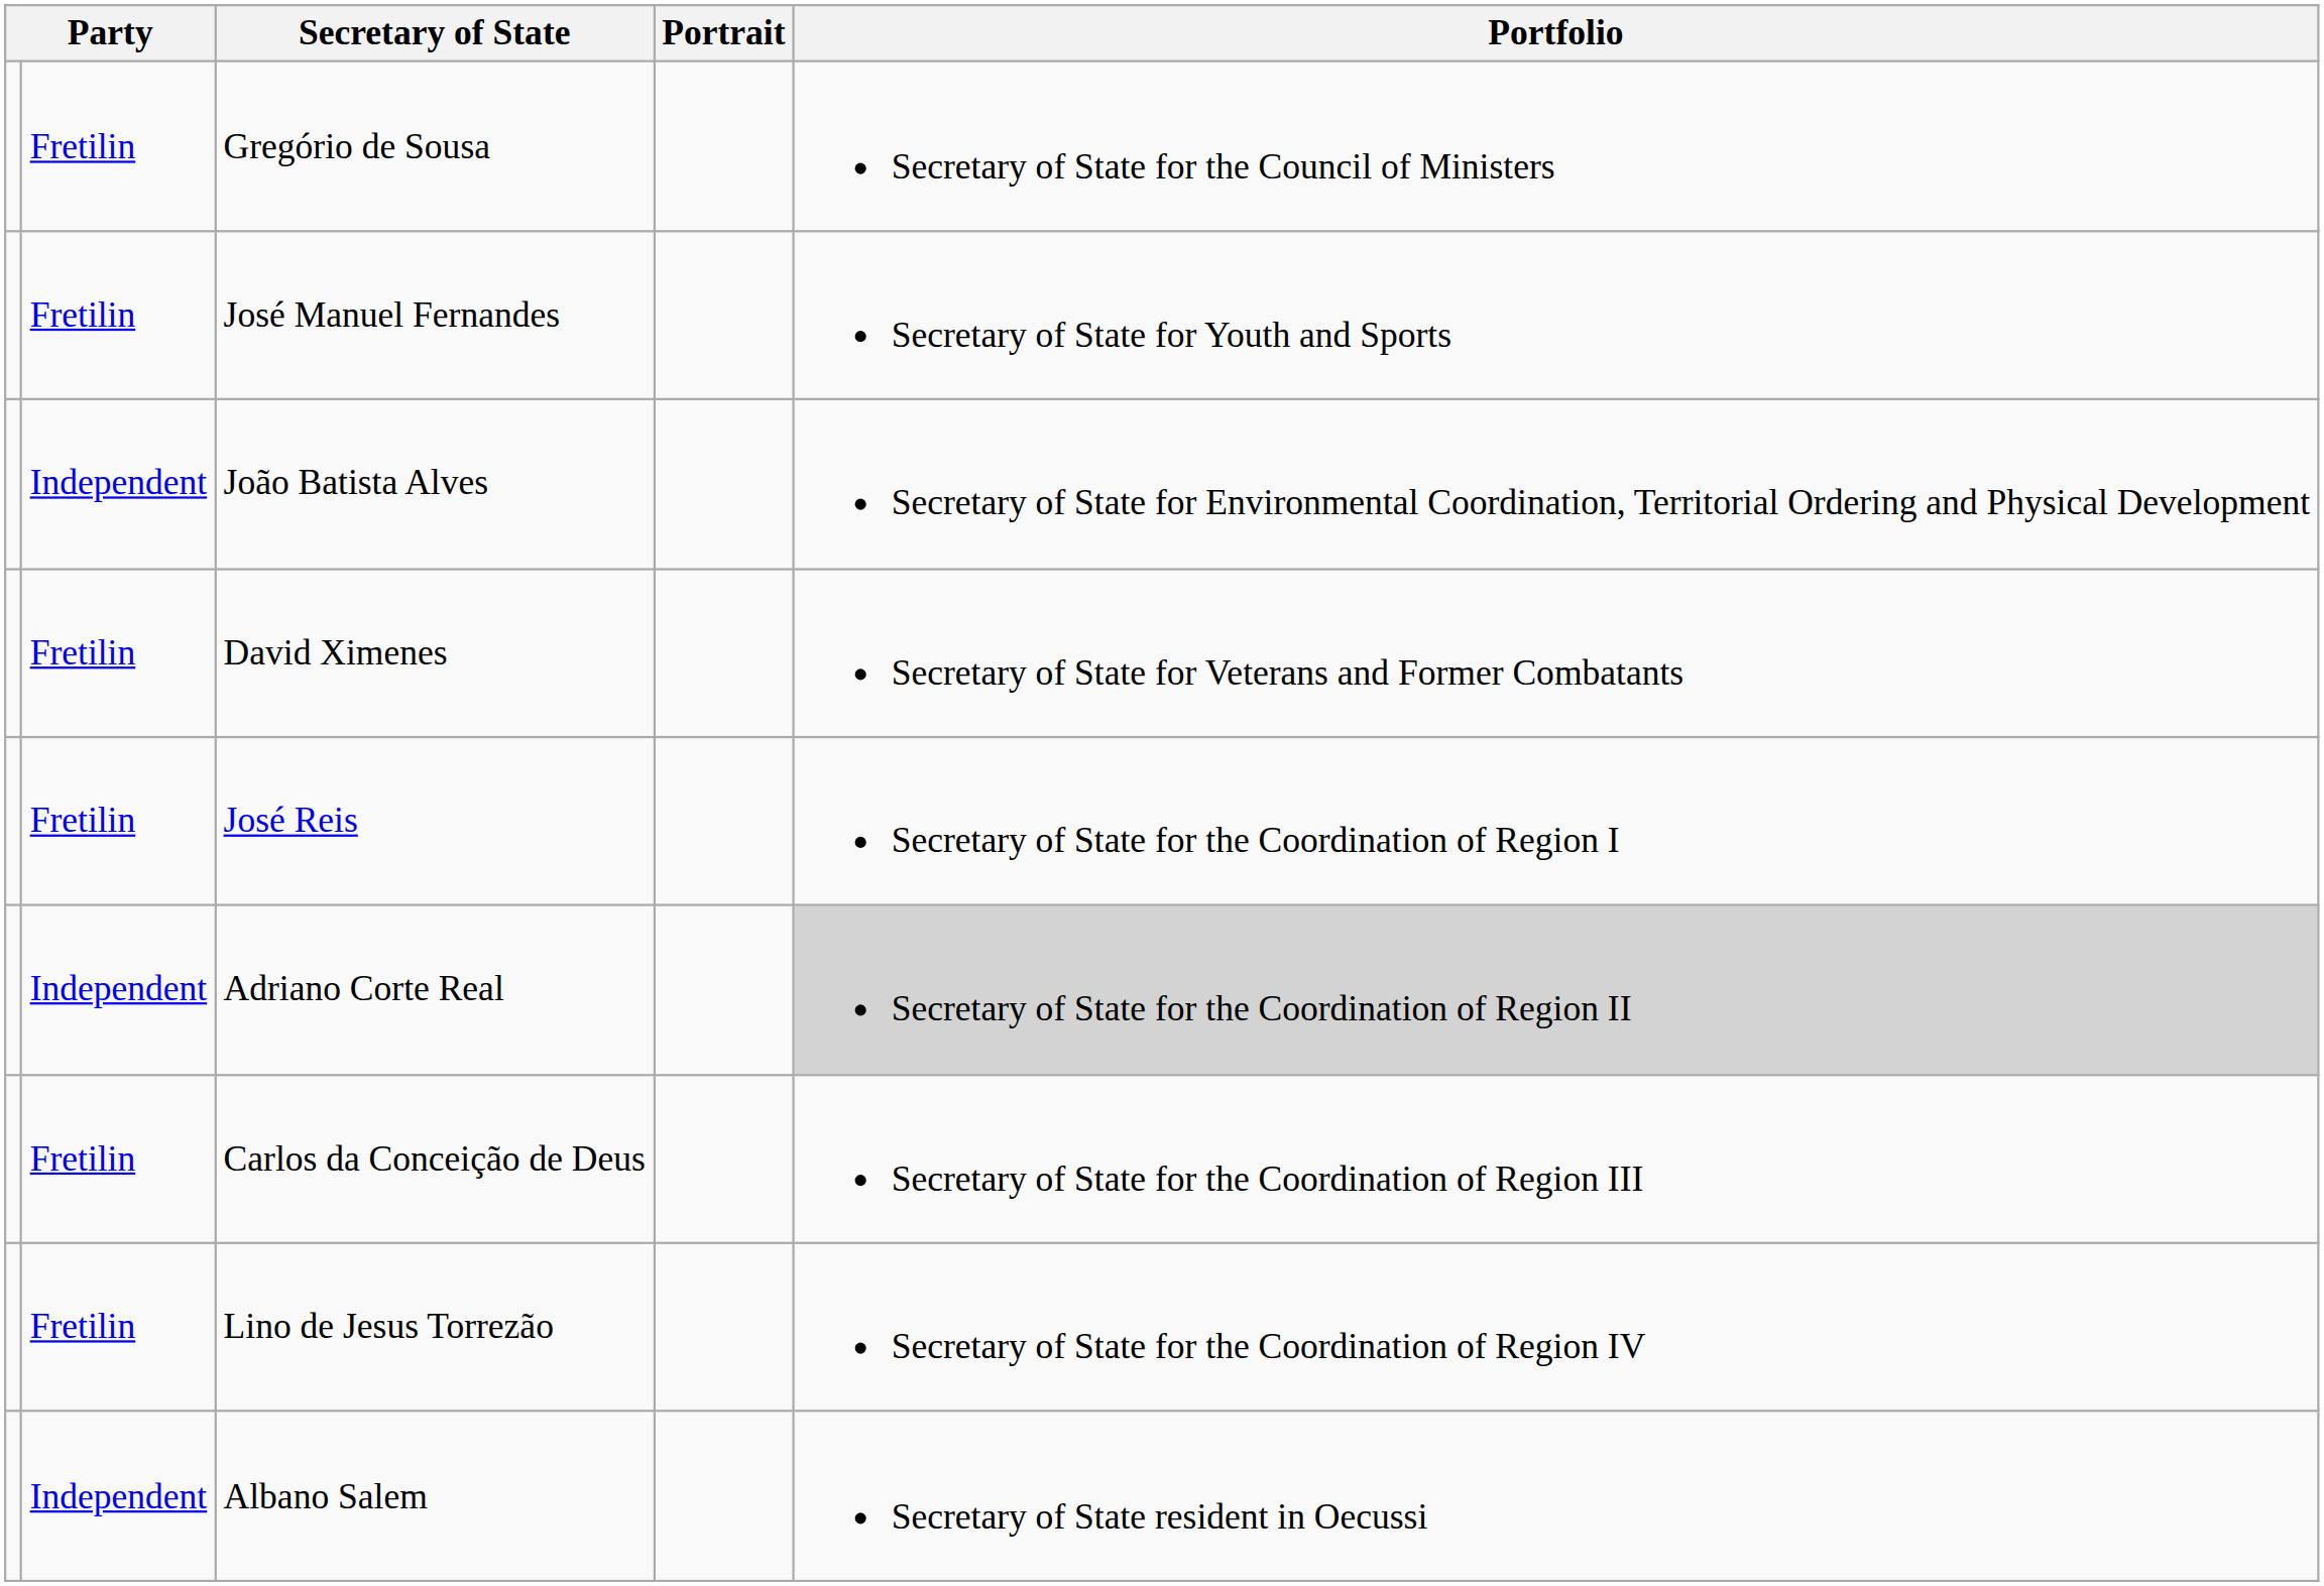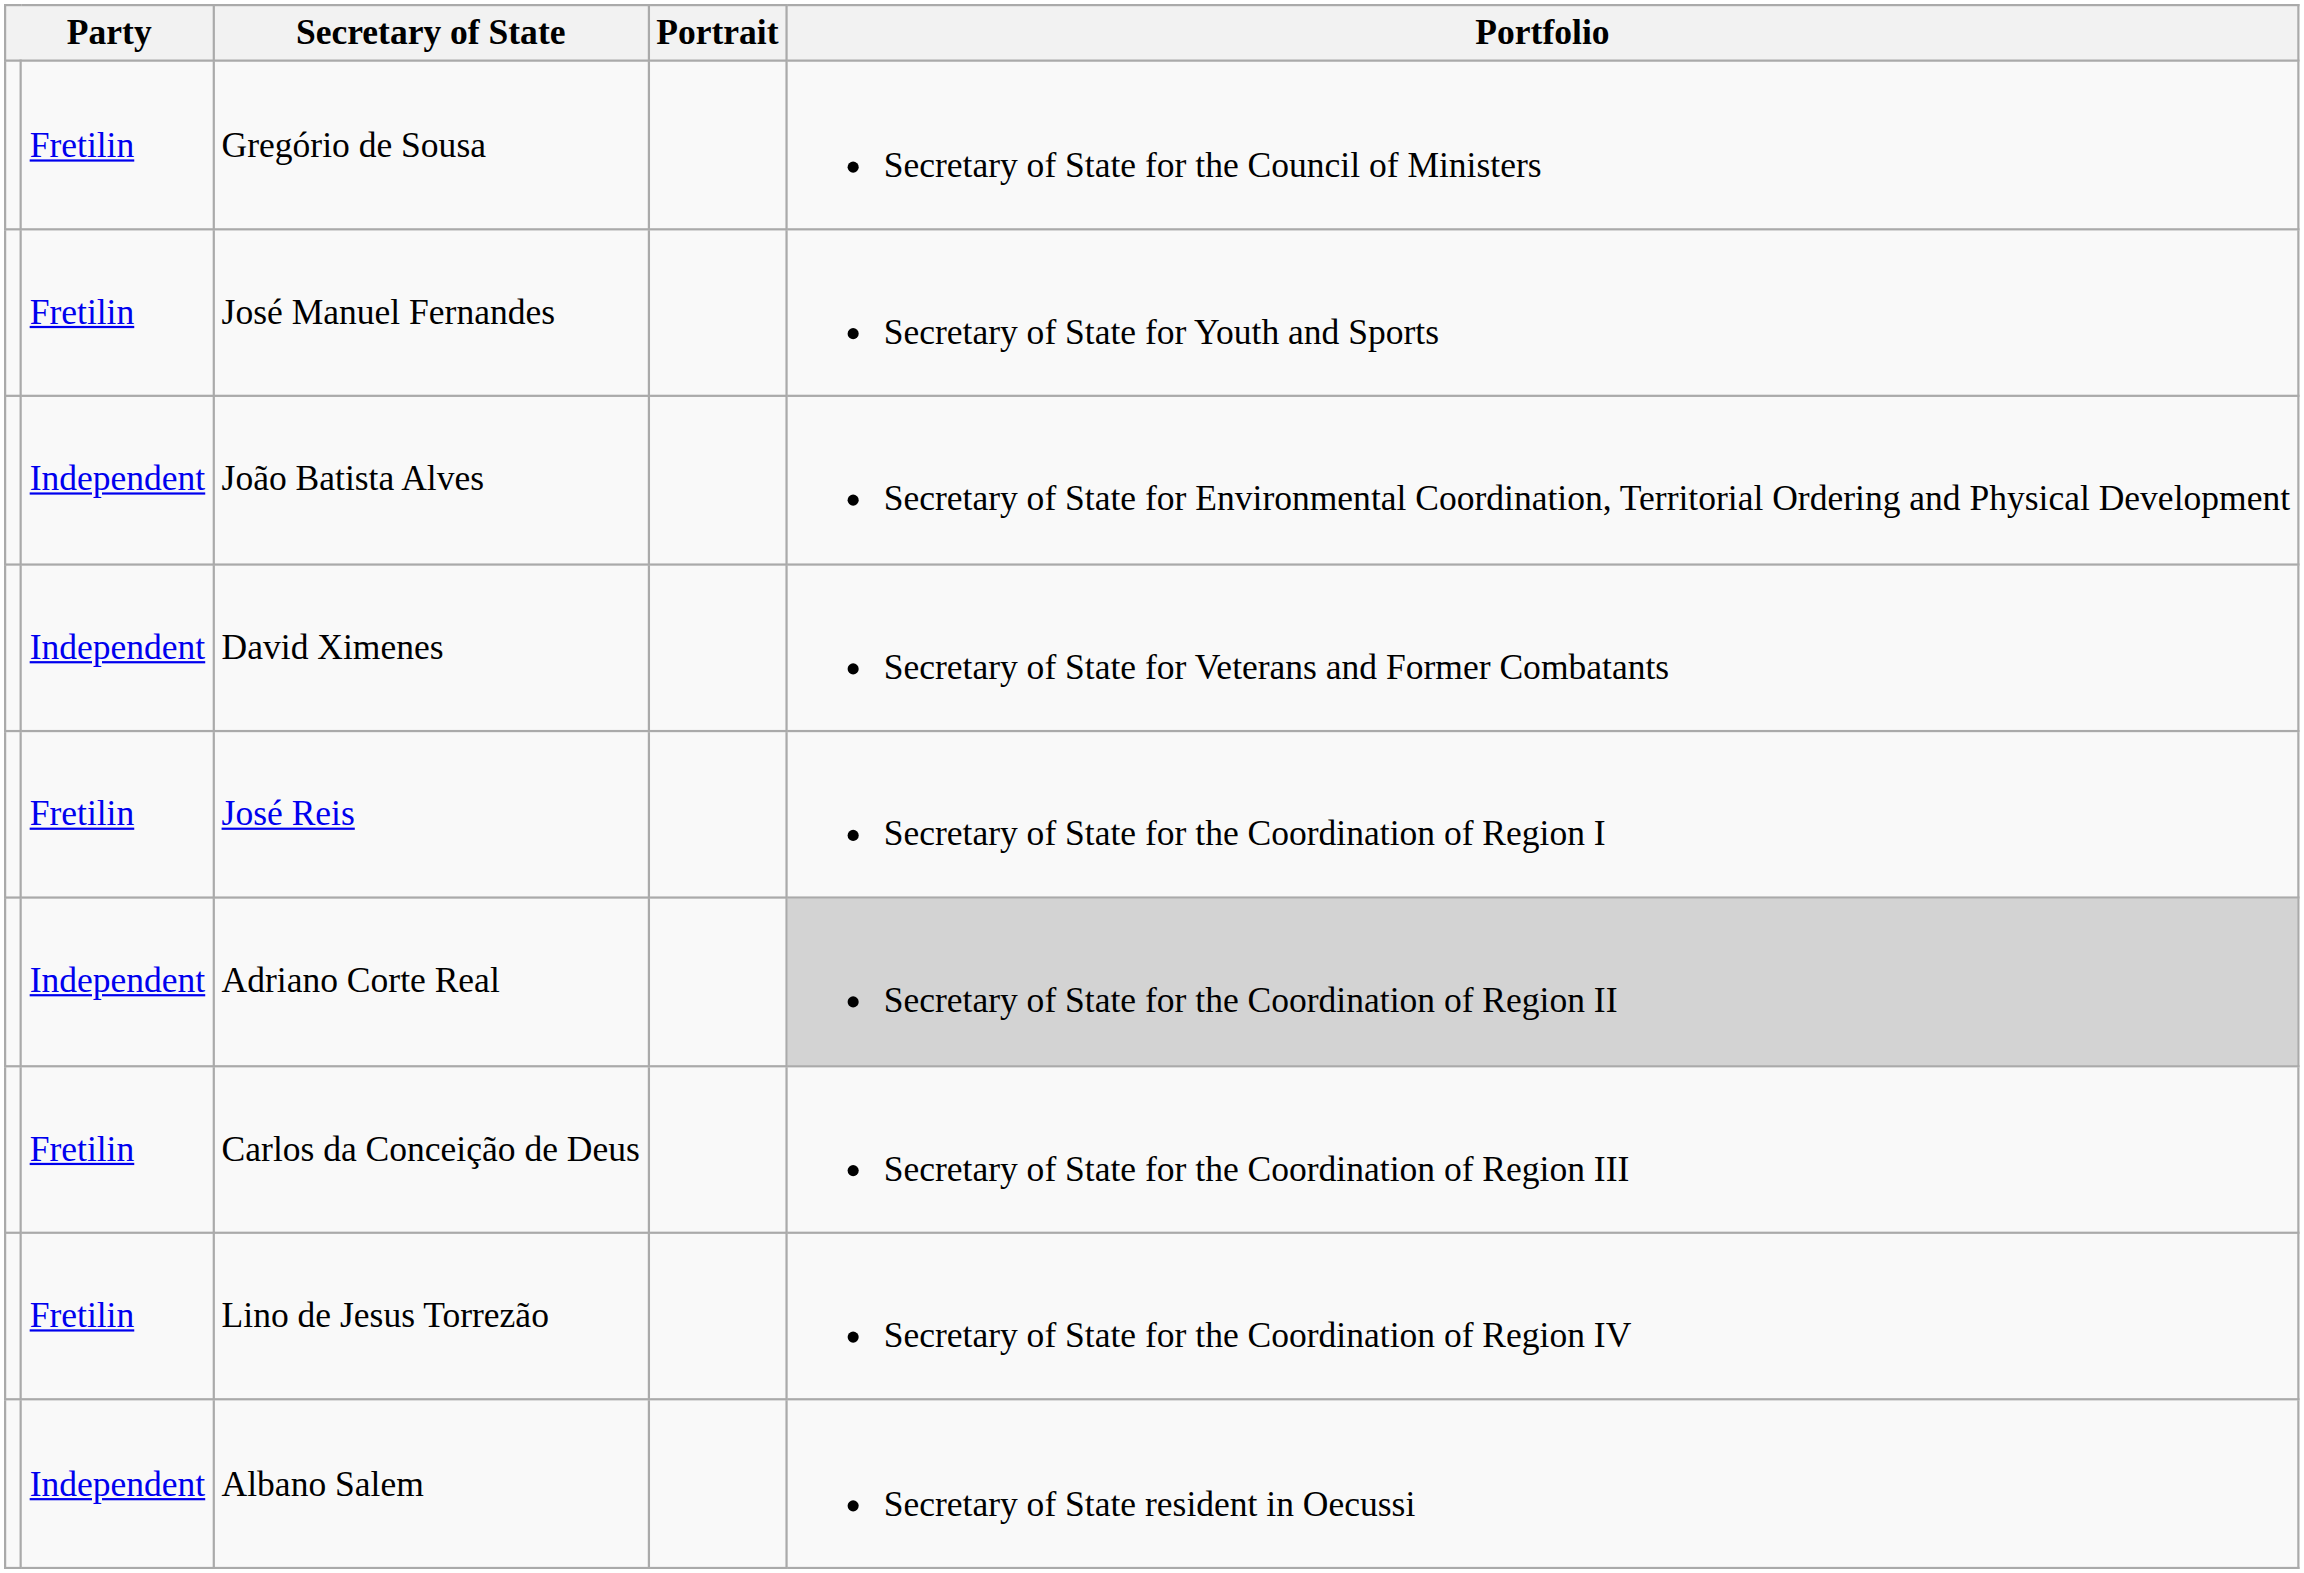 <table class="wikitable sortable">
 <tr>
 <th colspan="2">Party</th>
 <th>Secretary of State</th>
 <th>Portrait</th>
 <th>Portfolio</th>
 </tr>
 <tr>
 <td style="background:"></td>
 <td><a href='#'>Fretilin</a></td>
 <td>Gregório de Sousa</td>
 <td></td>
 <td><br><ul><li>Secretary of State for the Council of Ministers</li></ul></td>
 </tr>
 <tr>
 <td style="background:"></td>
 <td><a href='#'>Fretilin</a></td>
 <td>José Manuel Fernandes</td>
 <td></td>
 <td><br><ul><li>Secretary of State for Youth and Sports</li></ul></td>
 </tr>
 <tr>
 <td style="background:"></td>
 <td><a href='#'>Independent</a></td>
 <td>João Batista Alves</td>
 <td></td>
 <td><br><ul><li>Secretary of State for Environmental Coordination, Territorial Ordering and Physical Development</li></ul></td>
 </tr>
 <tr>
 <td style="background:"></td>
-<td><a href='#'>Fretilin</a></td>
+<td><a href='#'>Independent</a></td>
 <td>David Ximenes</td>
 <td></td>
 <td><br><ul><li>Secretary of State for Veterans and Former Combatants</li></ul></td>
 </tr>
 <tr>
 <td style="background:"></td>
 <td><a href='#'>Fretilin</a></td>
 <td><a href='#'>José Reis</a></td>
 <td></td>
 <td><br><ul><li>Secretary of State for the Coordination of Region I</li></ul></td>
 </tr>
 <tr>
 <td style="background:"></td>
 <td><a href='#'>Independent</a></td>
 <td>Adriano Corte Real</td>
 <td></td>
 <td style="background: lightgrey;"><br><ul><li>Secretary of State for the Coordination of Region II</li></ul></td>
 </tr>
 <tr>
 <td style="background:"></td>
 <td><a href='#'>Fretilin</a></td>
 <td>Carlos da Conceição de Deus</td>
 <td></td>
 <td><br><ul><li>Secretary of State for the Coordination of Region III</li></ul></td>
 </tr>
 <tr>
 <td style="background:"></td>
 <td><a href='#'>Fretilin</a></td>
 <td>Lino de Jesus Torrezão</td>
 <td></td>
 <td><br><ul><li>Secretary of State for the Coordination of Region IV</li></ul></td>
 </tr>
 <tr>
 <td style="background:"></td>
 <td><a href='#'>Independent</a></td>
 <td>Albano Salem</td>
 <td></td>
 <td><br><ul><li>Secretary of State resident in Oecussi</li></ul></td>
 </tr>
 </table>
